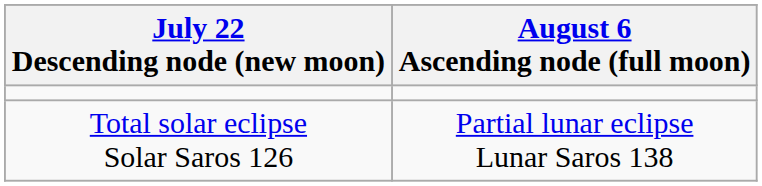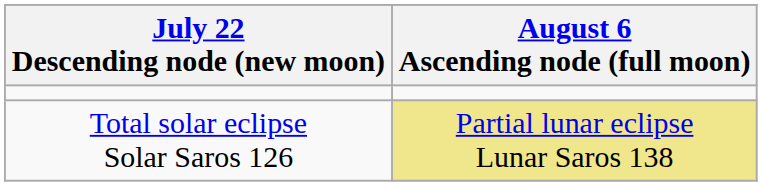 <table class="wikitable">
 <tr>
 <th><a href='#'>July 22</a><br>Descending node (new moon)<br></th>
 <th><a href='#'>August 6</a><br>Ascending node (full moon)<br></th>
 </tr>
 <tr>
 <td></td>
 <td></td>
 </tr>
 <tr align=center>
 <td><a href='#'>Total solar eclipse</a><br>Solar Saros 126</td>
-<td><a href='#'>Partial lunar eclipse</a><br>Lunar Saros 138</td>
+<td style="background: khaki;"><a href='#'>Partial lunar eclipse</a><br>Lunar Saros 138</td>
 </tr>
 </table>
